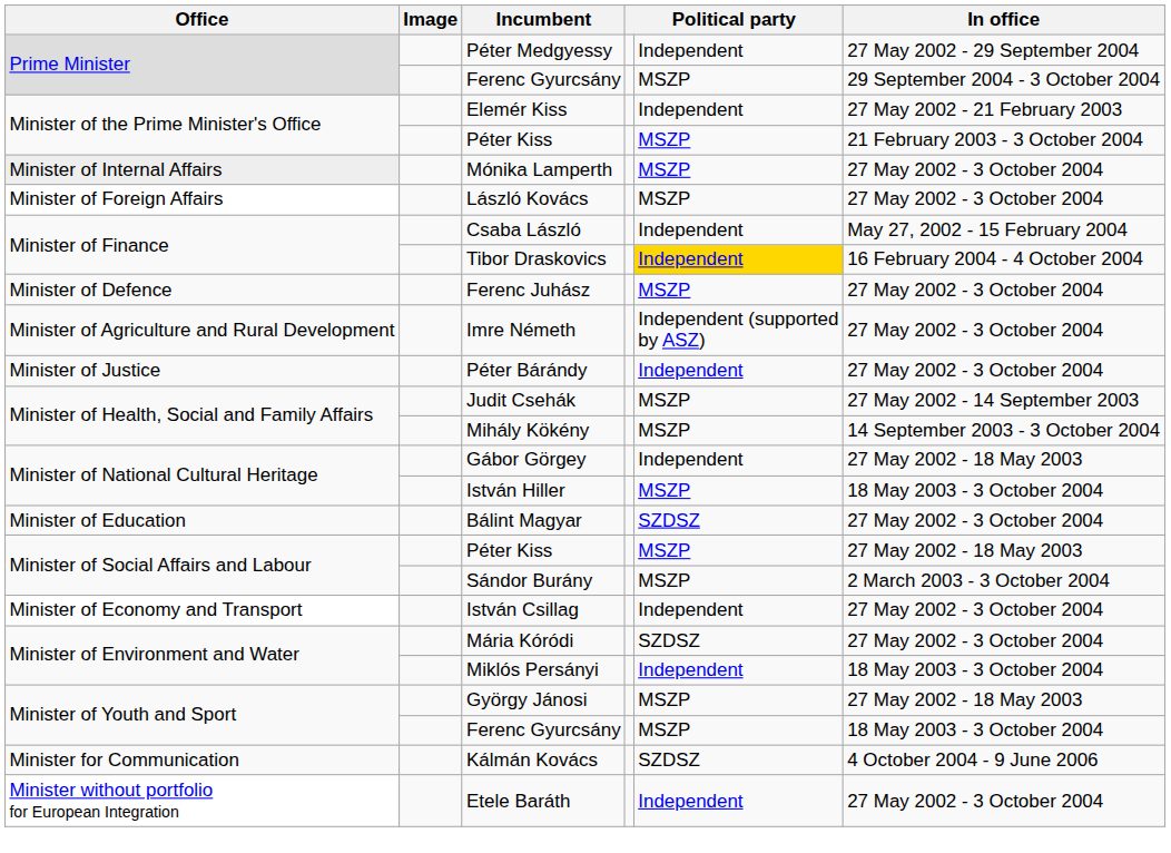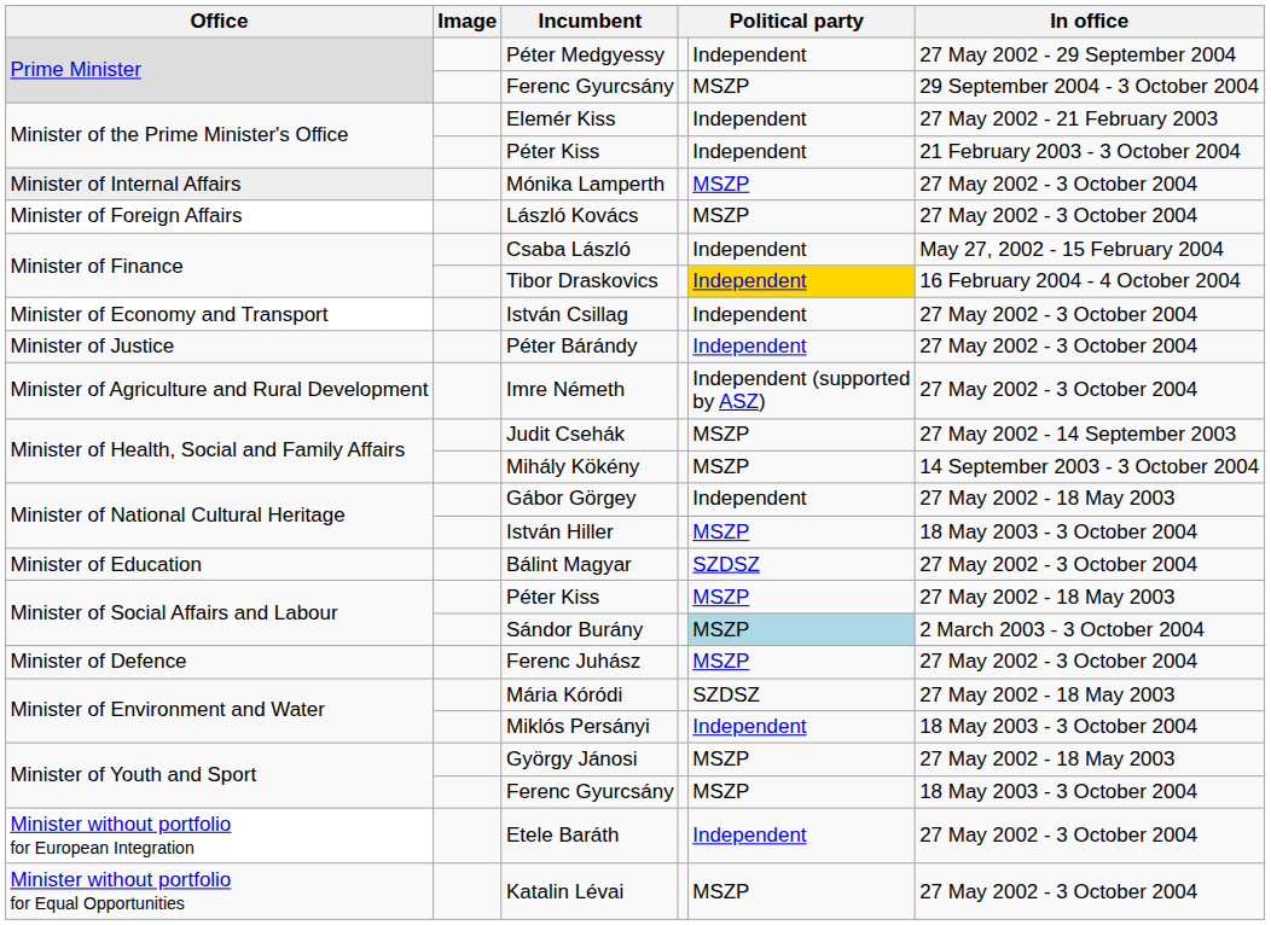 <table class="wikitable">
 <tr>
 <th>Office</th>
 <th>Image</th>
 <th>Incumbent</th>
 <th colspan="2">Political party</th>
 <th>In office</th>
 </tr>
 <tr>
 <td rowspan="2" style="background:#ddd;"><a href='#'>Prime Minister</a></td>
 <td></td>
 <td>Péter Medgyessy</td>
 <td style="background-color: "></td>
 <td>Independent</td>
 <td>27 May 2002 - 29 September 2004</td>
 </tr>
 <tr>
 <td></td>
 <td>Ferenc Gyurcsány</td>
 <td style="background-color: "></td>
 <td>MSZP</td>
 <td>29 September 2004 - 3 October 2004</td>
 </tr>
 <tr>
 <td rowspan="2">Minister of the Prime Minister's Office</td>
 <td></td>
 <td>Elemér Kiss</td>
 <td style="background-color: "></td>
 <td>Independent</td>
 <td>27 May 2002 - 21 February 2003</td>
 </tr>
 <tr>
 <td></td>
 <td>Péter Kiss</td>
 <td style="background-color: "></td>
-<td><a href='#'>MSZP</a></td>
+<td>Independent</td>
 <td>21 February 2003 - 3 October 2004</td>
 </tr>
 <tr>
 <td style="background:#eee;">Minister of Internal Affairs</td>
 <td></td>
 <td>Mónika Lamperth</td>
 <td style="background-color: "></td>
 <td><a href='#'>MSZP</a></td>
 <td>27 May 2002 - 3 October 2004</td>
 </tr>
 <tr>
 <td style="background:#fff;">Minister of Foreign Affairs</td>
 <td></td>
 <td>László Kovács</td>
 <td style="background-color: "></td>
 <td>MSZP</td>
 <td>27 May 2002 - 3 October 2004</td>
 </tr>
 <tr>
 <td rowspan="2">Minister of Finance</td>
 <td></td>
 <td>Csaba László</td>
 <td style="background-color: "></td>
 <td>Independent</td>
 <td>May 27, 2002 - 15 February 2004</td>
 </tr>
 <tr>
 <td></td>
 <td>Tibor Draskovics</td>
 <td style="background-color: "></td>
 <td style="background: gold;"><a href='#'>Independent</a></td>
 <td>16 February 2004 - 4 October 2004</td>
 </tr>
 <tr>
-<td>Minister of Defence</td>
+<td style="background:#fff;">Minister of Economy and Transport</td>
 <td></td>
-<td>Ferenc Juhász</td>
+<td>István Csillag</td>
 <td style="background-color: "></td>
-<td><a href='#'>MSZP</a></td>
+<td>Independent</td>
+<td>27 May 2002 - 3 October 2004</td>
+</tr>
+<tr>
+<td>Minister of Justice</td>
+<td></td>
+<td>Péter Bárándy</td>
+<td style="background-color: "></td>
+<td><a href='#'>Independent</a></td>
 <td>27 May 2002 - 3 October 2004</td>
 </tr>
 <tr>
 <td>Minister of Agriculture and Rural Development</td>
 <td></td>
 <td>Imre Németh</td>
 <td style="background-color: "></td>
 <td>Independent (supported<br>by <a href='#'>ASZ</a>)</td>
-<td>27 May 2002 - 3 October 2004</td>
-</tr>
-<tr>
-<td>Minister of Justice</td>
-<td></td>
-<td>Péter Bárándy</td>
-<td style="background-color: "></td>
-<td><a href='#'>Independent</a></td>
 <td>27 May 2002 - 3 October 2004</td>
 </tr>
 <tr>
 <td rowspan="2">Minister of Health, Social and Family Affairs</td>
 <td></td>
 <td>Judit Csehák</td>
 <td style="background-color: "></td>
 <td>MSZP</td>
 <td>27 May 2002 - 14 September 2003</td>
 </tr>
 <tr>
 <td></td>
 <td>Mihály Kökény</td>
 <td style="background-color: "></td>
 <td>MSZP</td>
 <td>14 September 2003 - 3 October 2004</td>
 </tr>
 <tr>
 <td rowspan="2">Minister of National Cultural Heritage</td>
 <td></td>
 <td>Gábor Görgey</td>
 <td style="background-color: "></td>
 <td>Independent</td>
 <td>27 May 2002 - 18 May 2003</td>
 </tr>
 <tr>
 <td></td>
 <td>István Hiller</td>
 <td style="background-color: "></td>
 <td><a href='#'>MSZP</a></td>
 <td>18 May 2003 - 3 October 2004</td>
 </tr>
 <tr>
 <td>Minister of Education</td>
 <td></td>
 <td>Bálint Magyar</td>
 <td style="background-color: "></td>
 <td><a href='#'>SZDSZ</a></td>
 <td>27 May 2002 - 3 October 2004</td>
 </tr>
 <tr>
 <td rowspan="2">Minister of Social Affairs and Labour</td>
 <td></td>
 <td>Péter Kiss</td>
 <td style="background-color: "></td>
 <td><a href='#'>MSZP</a></td>
 <td>27 May 2002 - 18 May 2003</td>
 </tr>
 <tr>
 <td></td>
 <td>Sándor Burány</td>
 <td style="background-color: "></td>
-<td>MSZP</td>
+<td style="background: lightblue;">MSZP</td>
 <td>2 March 2003 - 3 October 2004</td>
 </tr>
 <tr>
-<td style="background:#fff;">Minister of Economy and Transport</td>
+<td>Minister of Defence</td>
 <td></td>
-<td>István Csillag</td>
+<td>Ferenc Juhász</td>
 <td style="background-color: "></td>
-<td>Independent</td>
+<td><a href='#'>MSZP</a></td>
 <td>27 May 2002 - 3 October 2004</td>
 </tr>
 <tr>
 <td rowspan="2">Minister of Environment and Water</td>
 <td></td>
 <td>Mária Kóródi</td>
 <td style="background-color: "></td>
 <td>SZDSZ</td>
-<td>27 May 2002 - 3 October 2004</td>
+<td>27 May 2002 - 18 May 2003</td>
 </tr>
 <tr>
 <td></td>
 <td>Miklós Persányi</td>
 <td style="background-color: "></td>
 <td><a href='#'>Independent</a></td>
 <td>18 May 2003 - 3 October 2004</td>
 </tr>
 <tr>
 <td rowspan="2">Minister of Youth and Sport</td>
 <td></td>
 <td>György Jánosi</td>
 <td style="background-color: "></td>
 <td>MSZP</td>
 <td>27 May 2002 - 18 May 2003</td>
 </tr>
 <tr>
 <td></td>
 <td>Ferenc Gyurcsány</td>
 <td style="background-color: "></td>
 <td>MSZP</td>
 <td>18 May 2003 - 3 October 2004</td>
 </tr>
 <tr>
-<td>Minister for Communication</td>
-<td></td>
-<td>Kálmán Kovács</td>
-<td style="background-color: "></td>
-<td>SZDSZ</td>
-<td>4 October 2004 - 9 June 2006</td>
-</tr>
-<tr>
 <td style="background:#fff;"><a href='#'>Minister without portfolio</a><br><small>for European Integration</small></td>
 <td></td>
 <td>Etele Baráth</td>
 <td style="background-color: "></td>
 <td><a href='#'>Independent</a></td>
 <td>27 May 2002 - 3 October 2004</td>
 </tr>
+<tr>
+<td><a href='#'>Minister without portfolio</a><br><small>for Equal Opportunities</small></td>
+<td></td>
+<td>Katalin Lévai</td>
+<td style="background-color: "></td>
+<td>MSZP</td>
+<td>27 May 2002 - 3 October 2004</td>
+</tr>
 </table>
